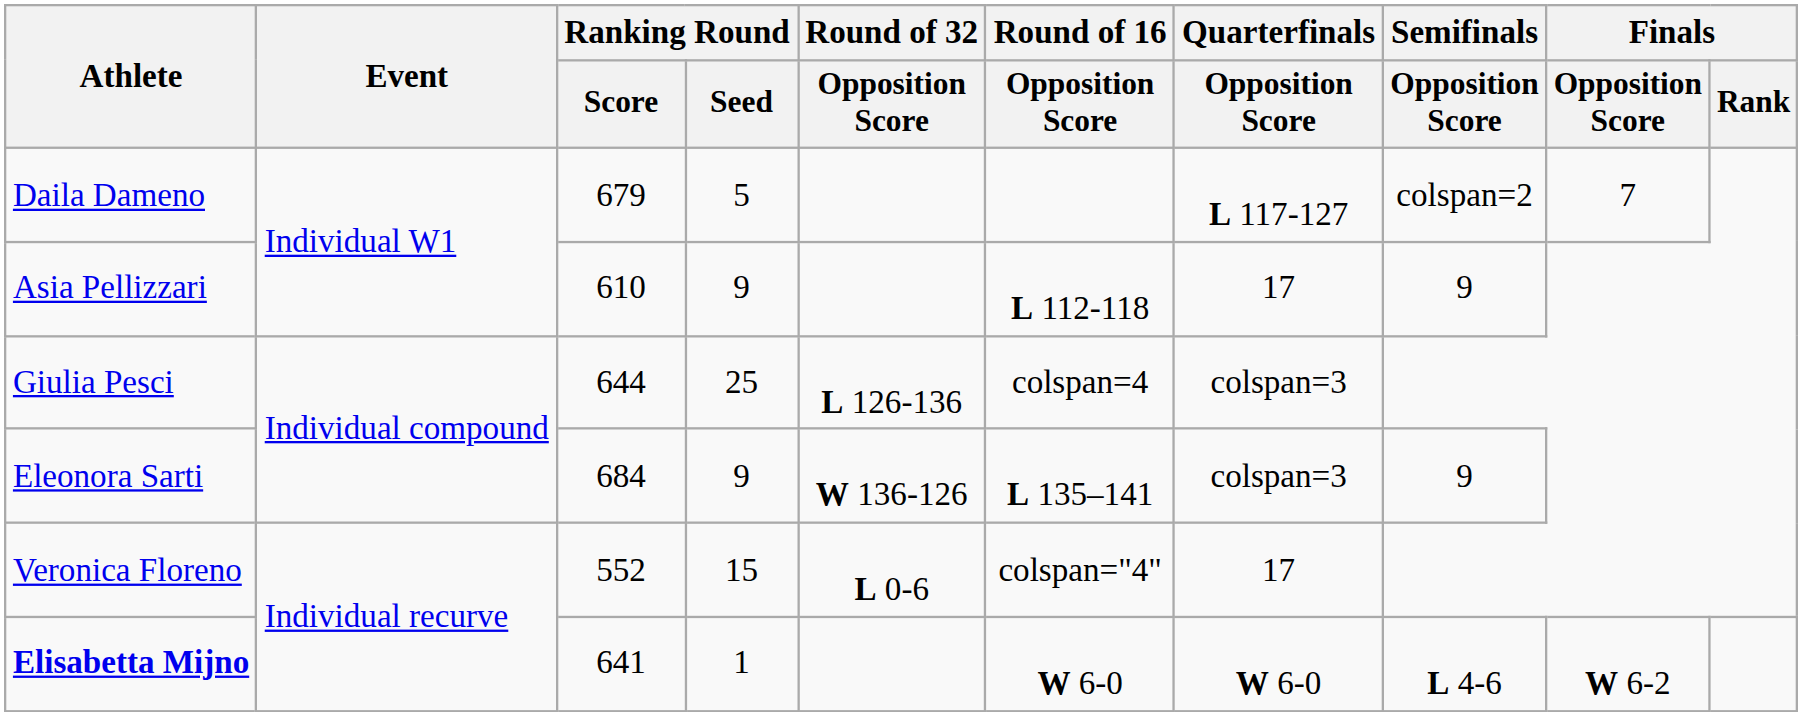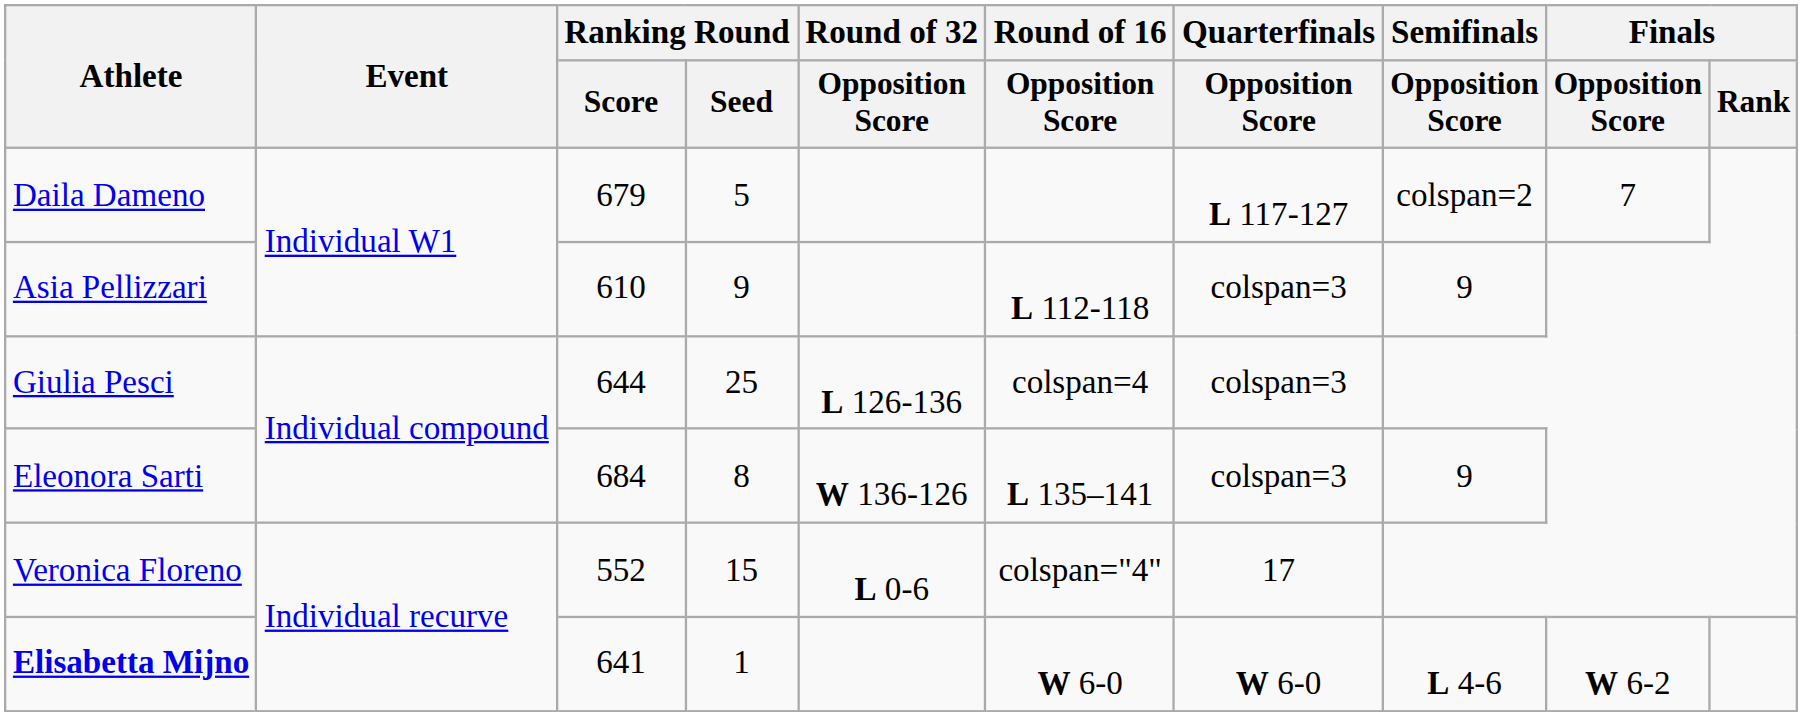 <table class="wikitable" style="text-align: center; font-size:90%">
 <tr>
 <th rowspan="2">Athlete</th>
 <th rowspan="2">Event</th>
 <th colspan="2">Ranking Round</th>
 <th>Round of 32</th>
 <th>Round of 16</th>
 <th>Quarterfinals</th>
 <th>Semifinals</th>
 <th colspan="2">Finals</th>
 </tr>
 <tr style="font-size:95%">
 <th>Score</th>
 <th>Seed</th>
 <th>Opposition<br>Score</th>
 <th>Opposition<br>Score</th>
 <th>Opposition<br>Score</th>
 <th>Opposition<br>Score</th>
 <th>Opposition<br>Score</th>
 <th>Rank</th>
 </tr>
 <tr>
 <td align=left><a href='#'>Daila Dameno</a></td>
 <td align=left rowspan=2><a href='#'>Individual W1</a></td>
 <td>679</td>
 <td>5</td>
 <td></td>
 <td></td>
 <td><br><strong>L</strong> 117-127</td>
 <td>colspan=2 </td>
 <td>7</td>
 </tr>
 <tr>
 <td align=left><a href='#'>Asia Pellizzari</a></td>
 <td>610</td>
 <td>9</td>
 <td></td>
 <td><br><strong>L</strong> 112-118</td>
-<td>17</td>
+<td>colspan=3 </td>
 <td>9</td>
 </tr>
 <tr>
 <td align=left><a href='#'>Giulia Pesci</a></td>
 <td align=left rowspan=2><a href='#'>Individual compound</a></td>
 <td>644</td>
 <td>25</td>
 <td><br><strong>L</strong> 126-136</td>
 <td>colspan=4 </td>
 <td>colspan=3 </td>
 </tr>
 <tr>
 <td align=left><a href='#'>Eleonora Sarti</a></td>
 <td>684</td>
-<td>9</td>
+<td>8</td>
 <td><br><strong>W</strong> 136-126</td>
 <td><br><strong>L</strong> 135–141</td>
 <td>colspan=3 </td>
 <td>9</td>
 </tr>
 <tr>
 <td align=left><a href='#'>Veronica Floreno</a></td>
 <td align=left rowspan=2><a href='#'>Individual recurve</a></td>
 <td>552</td>
 <td>15</td>
 <td><br><strong>L</strong> 0-6</td>
 <td>colspan="4" </td>
 <td>17</td>
 </tr>
 <tr>
 <td align=left><strong><a href='#'>Elisabetta Mijno</a></strong></td>
 <td>641</td>
 <td>1</td>
 <td></td>
 <td><br><strong>W</strong> 6-0</td>
 <td><br><strong>W</strong> 6-0</td>
 <td><br><strong>L</strong> 4-6</td>
 <td><br><strong>W</strong> 6-2</td>
 <td></td>
 </tr>
 </table>
